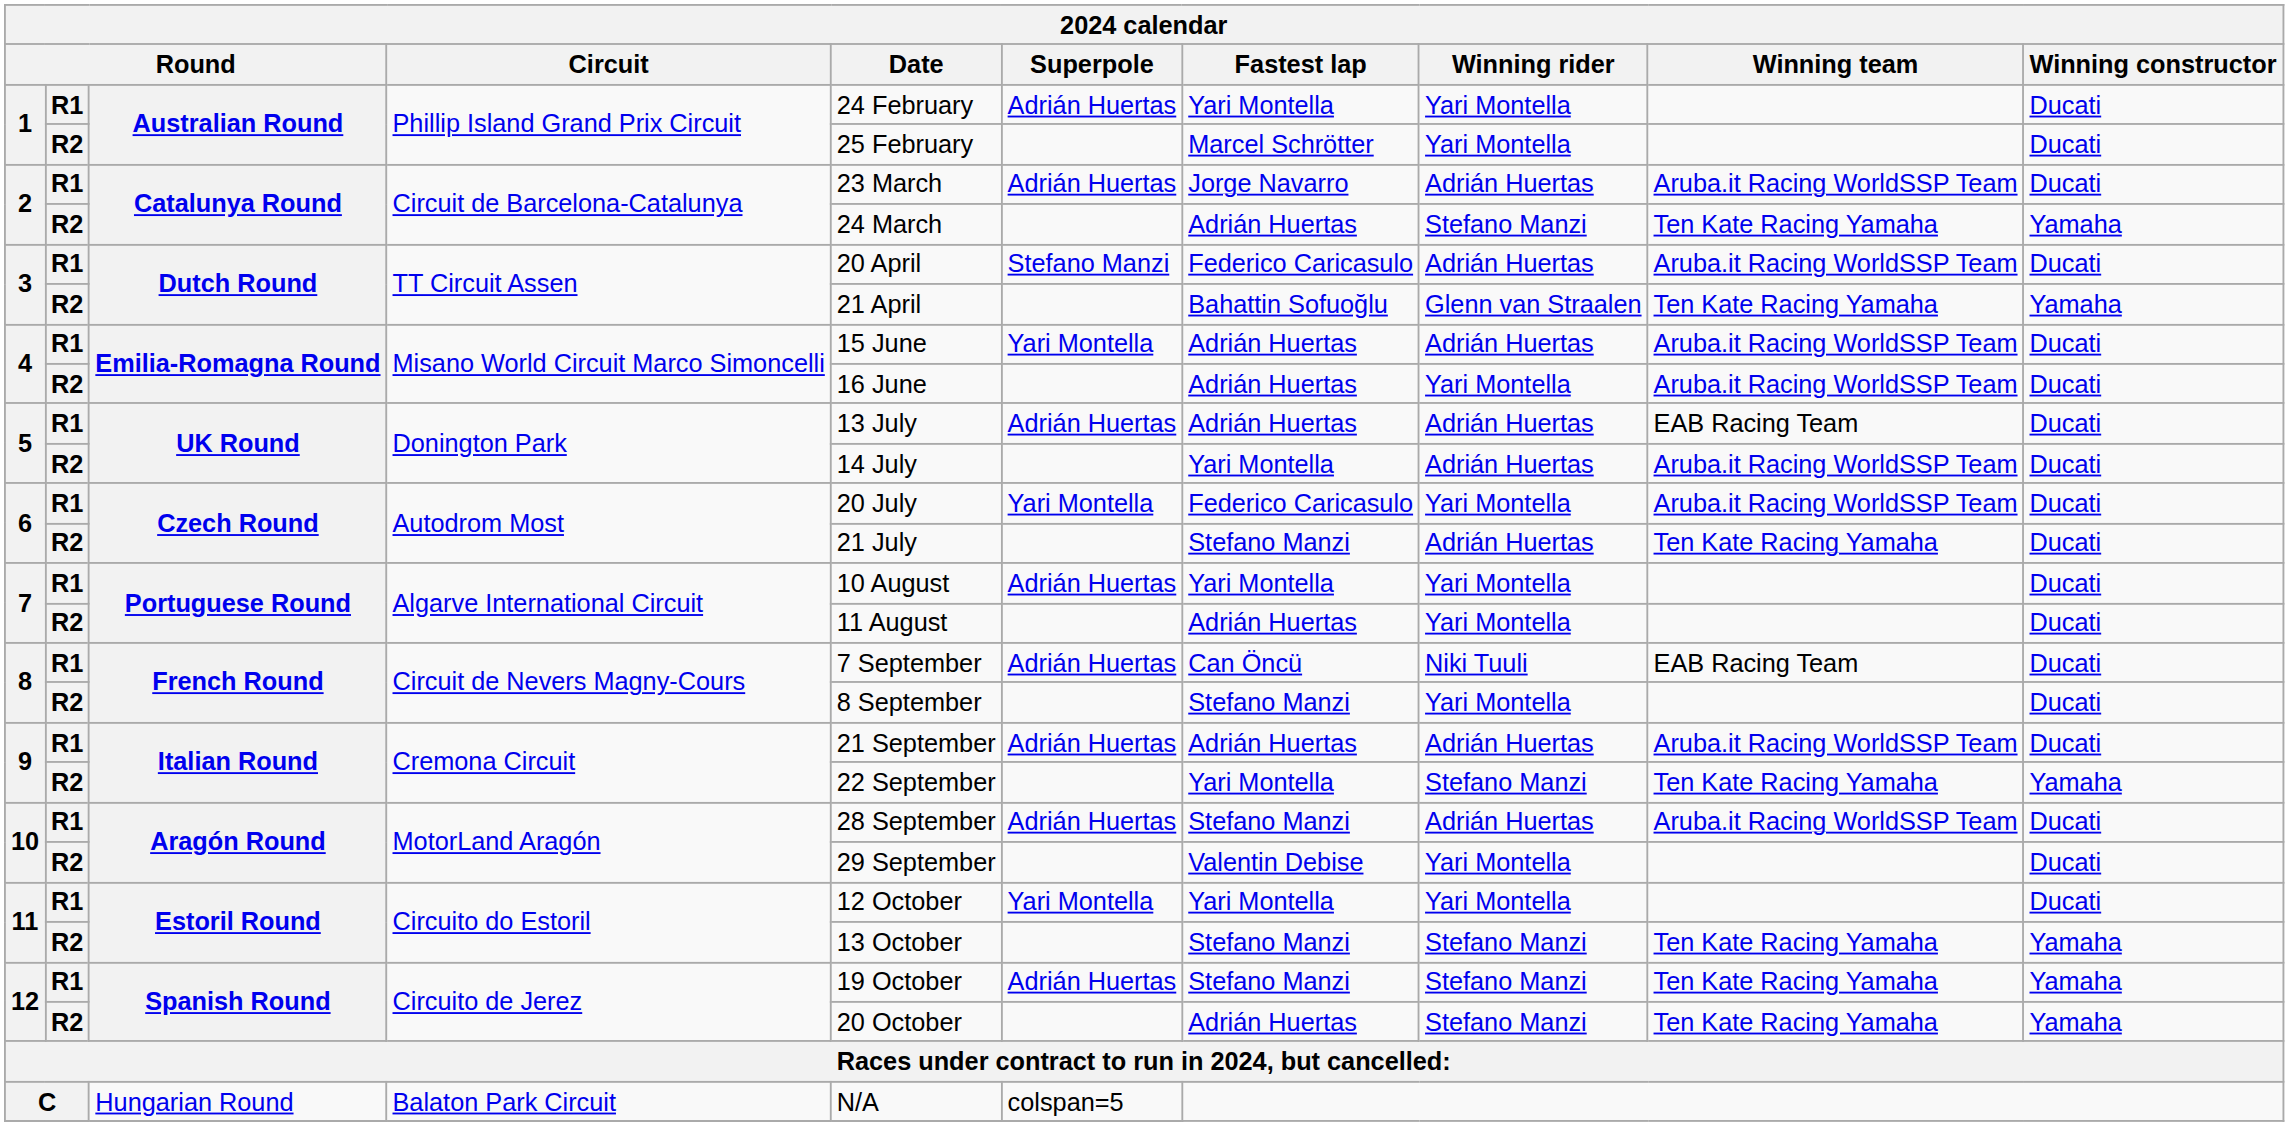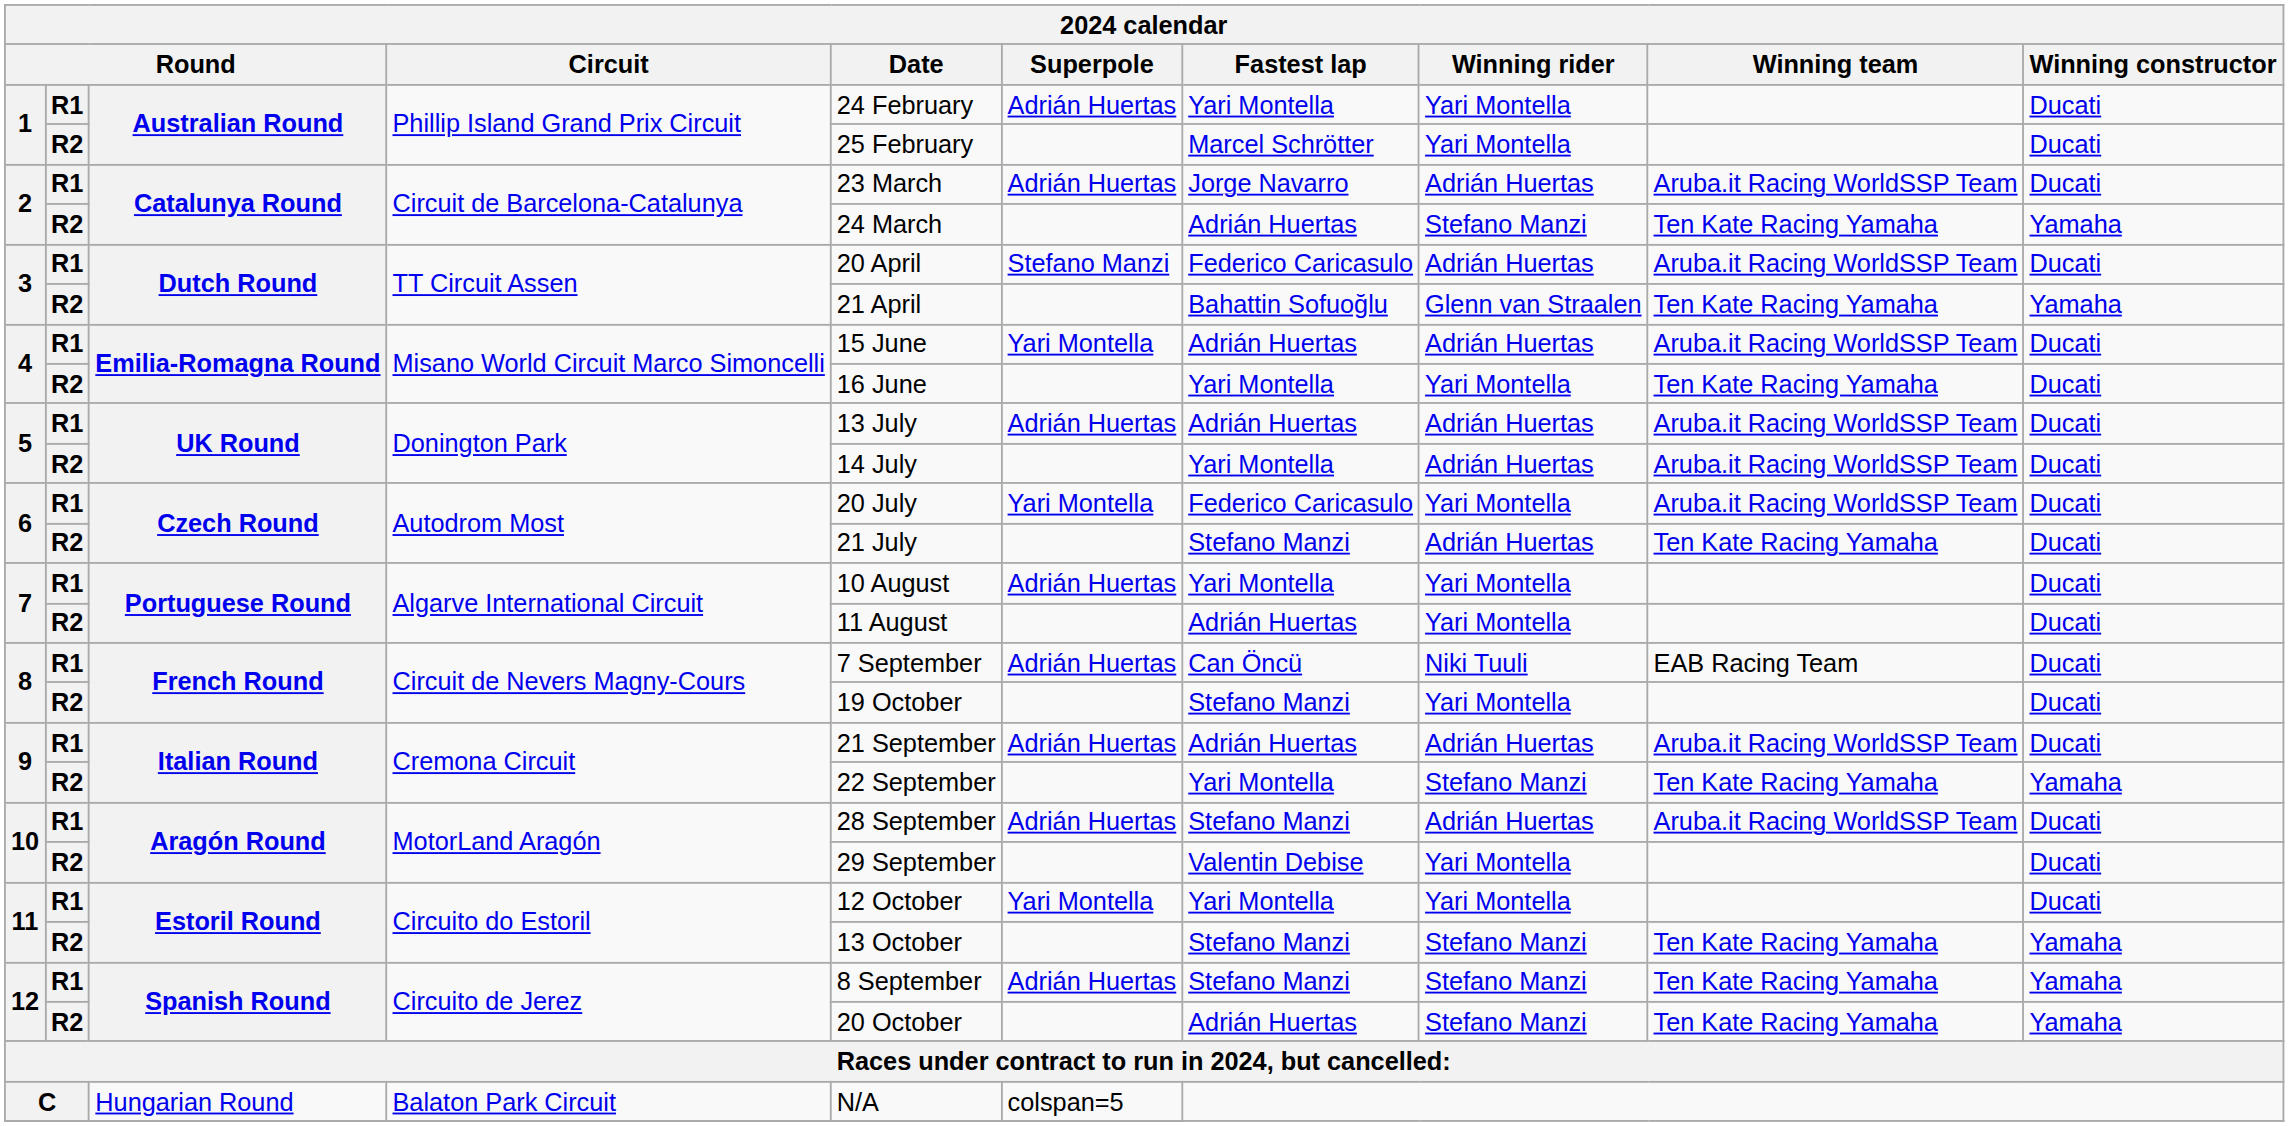 <table class="wikitable" style="font-size: 85%">
 <tr>
 <th colspan=11>2024 calendar</th>
 </tr>
 <tr>
 <th colspan=3>Round</th>
 <th>Circuit</th>
 <th>Date</th>
 <th>Superpole</th>
 <th>Fastest lap</th>
 <th>Winning rider</th>
 <th>Winning team</th>
 <th nowrap>Winning constructor</th>
 </tr>
 <tr>
 <th rowspan=2>1</th>
 <th>R1</th>
 <th rowspan=2 nowrap> <a href='#'>Australian Round</a></th>
 <td rowspan=2 nowrap><a href='#'>Phillip Island Grand Prix Circuit</a></td>
 <td>24 February</td>
 <td nowrap> <a href='#'>Adrián Huertas</a></td>
 <td> <a href='#'>Yari Montella</a></td>
 <td> <a href='#'>Yari Montella</a></td>
 <td> </td>
 <td> <a href='#'>Ducati</a></td>
 </tr>
 <tr>
 <th>R2</th>
 <td>25 February</td>
 <td></td>
 <td> <a href='#'>Marcel Schrötter</a></td>
 <td> <a href='#'>Yari Montella</a></td>
 <td> </td>
 <td> <a href='#'>Ducati</a></td>
 </tr>
 <tr>
 <th rowspan=2>2</th>
 <th>R1</th>
 <th rowspan=2 nowrap> <a href='#'>Catalunya Round</a></th>
 <td rowspan=2><a href='#'>Circuit de Barcelona-Catalunya</a></td>
 <td>23 March</td>
 <td> <a href='#'>Adrián Huertas</a></td>
 <td> <a href='#'>Jorge Navarro</a></td>
 <td> <a href='#'>Adrián Huertas</a></td>
 <td nowrap> <a href='#'>Aruba.it Racing WorldSSP Team</a></td>
 <td> <a href='#'>Ducati</a></td>
 </tr>
 <tr>
 <th>R2</th>
 <td>24 March</td>
 <td></td>
 <td> <a href='#'>Adrián Huertas</a></td>
 <td> <a href='#'>Stefano Manzi</a></td>
 <td> <a href='#'>Ten Kate Racing Yamaha</a></td>
 <td> <a href='#'>Yamaha</a></td>
 </tr>
 <tr>
 <th rowspan=2>3</th>
 <th>R1</th>
 <th rowspan=2 nowrap> <a href='#'>Dutch Round</a></th>
 <td rowspan=2 nowrap><a href='#'>TT Circuit Assen</a></td>
 <td>20 April</td>
 <td> <a href='#'>Stefano Manzi</a></td>
 <td nowrap> <a href='#'>Federico Caricasulo</a></td>
 <td> <a href='#'>Adrián Huertas</a></td>
 <td> <a href='#'>Aruba.it Racing WorldSSP Team</a></td>
 <td> <a href='#'>Ducati</a></td>
 </tr>
 <tr>
 <th>R2</th>
 <td>21 April</td>
 <td></td>
 <td> <a href='#'>Bahattin Sofuoğlu</a></td>
 <td nowrap> <a href='#'>Glenn van Straalen</a></td>
 <td> <a href='#'>Ten Kate Racing Yamaha</a></td>
 <td> <a href='#'>Yamaha</a></td>
 </tr>
 <tr>
 <th rowspan=2>4</th>
 <th>R1</th>
 <th rowspan=2 nowrap> <a href='#'>Emilia-Romagna Round</a></th>
 <td rowspan=2 nowrap><a href='#'>Misano World Circuit Marco Simoncelli</a></td>
 <td>15 June</td>
 <td> <a href='#'>Yari Montella</a></td>
 <td> <a href='#'>Adrián Huertas</a></td>
 <td> <a href='#'>Adrián Huertas</a></td>
 <td> <a href='#'>Aruba.it Racing WorldSSP Team</a></td>
 <td> <a href='#'>Ducati</a></td>
 </tr>
 <tr>
 <th>R2</th>
 <td>16 June</td>
 <td></td>
-<td> <a href='#'>Adrián Huertas</a></td>
 <td> <a href='#'>Yari Montella</a></td>
-<td> <a href='#'>Aruba.it Racing WorldSSP Team</a></td>
+<td> <a href='#'>Yari Montella</a></td>
+<td> <a href='#'>Ten Kate Racing Yamaha</a></td>
 <td> <a href='#'>Ducati</a></td>
 </tr>
 <tr>
 <th rowspan=2>5</th>
 <th>R1</th>
 <th rowspan=2> <a href='#'>UK Round</a></th>
 <td rowspan=2 nowrap><a href='#'>Donington Park</a></td>
 <td>13 July</td>
 <td> <a href='#'>Adrián Huertas</a></td>
 <td> <a href='#'>Adrián Huertas</a></td>
 <td> <a href='#'>Adrián Huertas</a></td>
-<td> EAB Racing Team</td>
+<td> <a href='#'>Aruba.it Racing WorldSSP Team</a></td>
 <td> <a href='#'>Ducati</a></td>
 </tr>
 <tr>
 <th>R2</th>
 <td>14 July</td>
 <td></td>
 <td> <a href='#'>Yari Montella</a></td>
 <td> <a href='#'>Adrián Huertas</a></td>
 <td> <a href='#'>Aruba.it Racing WorldSSP Team</a></td>
 <td> <a href='#'>Ducati</a></td>
 </tr>
 <tr>
 <th rowspan=2>6</th>
 <th>R1</th>
 <th rowspan=2> <a href='#'>Czech Round</a></th>
 <td rowspan=2 nowrap><a href='#'>Autodrom Most</a></td>
 <td>20 July</td>
 <td> <a href='#'>Yari Montella</a></td>
 <td> <a href='#'>Federico Caricasulo</a></td>
 <td> <a href='#'>Yari Montella</a></td>
 <td> <a href='#'>Aruba.it Racing WorldSSP Team</a></td>
 <td> <a href='#'>Ducati</a></td>
 </tr>
 <tr>
 <th>R2</th>
 <td>21 July</td>
 <td></td>
 <td> <a href='#'>Stefano Manzi</a></td>
 <td> <a href='#'>Adrián Huertas</a></td>
 <td> <a href='#'>Ten Kate Racing Yamaha</a></td>
 <td> <a href='#'>Ducati</a></td>
 </tr>
 <tr>
 <th rowspan=2>7</th>
 <th>R1</th>
 <th rowspan=2> <a href='#'>Portuguese Round</a></th>
 <td rowspan=2><a href='#'>Algarve International Circuit</a></td>
 <td>10 August</td>
 <td> <a href='#'>Adrián Huertas</a></td>
 <td> <a href='#'>Yari Montella</a></td>
 <td> <a href='#'>Yari Montella</a></td>
 <td> </td>
 <td> <a href='#'>Ducati</a></td>
 </tr>
 <tr>
 <th>R2</th>
 <td>11 August</td>
 <td></td>
 <td> <a href='#'>Adrián Huertas</a></td>
 <td> <a href='#'>Yari Montella</a></td>
 <td> </td>
 <td> <a href='#'>Ducati</a></td>
 </tr>
 <tr>
 <th rowspan=2>8</th>
 <th>R1</th>
 <th rowspan=2> <a href='#'>French Round</a></th>
 <td rowspan=2><a href='#'>Circuit de Nevers Magny-Cours</a></td>
 <td>7 September</td>
 <td> <a href='#'>Adrián Huertas</a></td>
 <td> <a href='#'>Can Öncü</a></td>
 <td> <a href='#'>Niki Tuuli</a></td>
 <td> EAB Racing Team</td>
 <td> <a href='#'>Ducati</a></td>
 </tr>
 <tr>
 <th>R2</th>
-<td>8 September</td>
+<td>19 October</td>
 <td></td>
 <td> <a href='#'>Stefano Manzi</a></td>
 <td> <a href='#'>Yari Montella</a></td>
 <td> </td>
 <td> <a href='#'>Ducati</a></td>
 </tr>
 <tr>
 <th rowspan=2>9</th>
 <th>R1</th>
 <th rowspan=2> <a href='#'>Italian Round</a></th>
 <td rowspan=2><a href='#'>Cremona Circuit</a></td>
 <td>21 September</td>
 <td> <a href='#'>Adrián Huertas</a></td>
 <td> <a href='#'>Adrián Huertas</a></td>
 <td> <a href='#'>Adrián Huertas</a></td>
 <td> <a href='#'>Aruba.it Racing WorldSSP Team</a></td>
 <td> <a href='#'>Ducati</a></td>
 </tr>
 <tr>
 <th>R2</th>
 <td>22 September</td>
 <td></td>
 <td> <a href='#'>Yari Montella</a></td>
 <td> <a href='#'>Stefano Manzi</a></td>
 <td> <a href='#'>Ten Kate Racing Yamaha</a></td>
 <td> <a href='#'>Yamaha</a></td>
 </tr>
 <tr>
 <th rowspan=2>10</th>
 <th>R1</th>
 <th rowspan=2> <a href='#'>Aragón Round</a></th>
 <td rowspan=2><a href='#'>MotorLand Aragón</a></td>
 <td nowrap>28 September</td>
 <td> <a href='#'>Adrián Huertas</a></td>
 <td> <a href='#'>Stefano Manzi</a></td>
 <td> <a href='#'>Adrián Huertas</a></td>
 <td> <a href='#'>Aruba.it Racing WorldSSP Team</a></td>
 <td> <a href='#'>Ducati</a></td>
 </tr>
 <tr>
 <th>R2</th>
 <td>29 September</td>
 <td></td>
 <td> <a href='#'>Valentin Debise</a></td>
 <td> <a href='#'>Yari Montella</a></td>
 <td> </td>
 <td> <a href='#'>Ducati</a></td>
 </tr>
 <tr>
 <th rowspan=2>11</th>
 <th>R1</th>
 <th rowspan=2> <a href='#'>Estoril Round</a></th>
 <td rowspan=2><a href='#'>Circuito do Estoril</a></td>
 <td>12 October</td>
 <td> <a href='#'>Yari Montella</a></td>
 <td> <a href='#'>Yari Montella</a></td>
 <td> <a href='#'>Yari Montella</a></td>
 <td> </td>
 <td> <a href='#'>Ducati</a></td>
 </tr>
 <tr>
 <th>R2</th>
 <td>13 October</td>
 <td></td>
 <td> <a href='#'>Stefano Manzi</a></td>
 <td> <a href='#'>Stefano Manzi</a></td>
 <td> <a href='#'>Ten Kate Racing Yamaha</a></td>
 <td> <a href='#'>Yamaha</a></td>
 </tr>
 <tr>
 <th rowspan=2>12</th>
 <th>R1</th>
 <th rowspan=2> <a href='#'>Spanish Round</a></th>
 <td rowspan=2><a href='#'>Circuito de Jerez</a></td>
-<td>19 October</td>
+<td>8 September</td>
 <td> <a href='#'>Adrián Huertas</a></td>
 <td> <a href='#'>Stefano Manzi</a></td>
 <td> <a href='#'>Stefano Manzi</a></td>
 <td> <a href='#'>Ten Kate Racing Yamaha</a></td>
 <td> <a href='#'>Yamaha</a></td>
 </tr>
 <tr>
 <th>R2</th>
 <td>20 October</td>
 <td></td>
 <td> <a href='#'>Adrián Huertas</a></td>
 <td> <a href='#'>Stefano Manzi</a></td>
 <td> <a href='#'>Ten Kate Racing Yamaha</a></td>
 <td> <a href='#'>Yamaha</a></td>
 </tr>
 <tr>
 <th colspan=10>Races under contract to run in 2024, but cancelled:</th>
 </tr>
 <tr>
 <th colspan=2>C</th>
 <td> <a href='#'>Hungarian Round</a></td>
 <td><a href='#'>Balaton Park Circuit</a></td>
 <td>N/A</td>
 <td>colspan=5 </td>
 </tr>
 <tr>
 </tr>
 </table>
